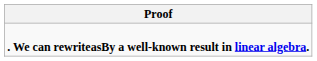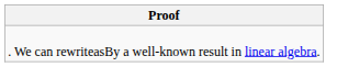 <table class="wikitable collapsible collapsed">
 <tr>
 <th>Proof</th>
 </tr>
 <tr>
-<td><strong><br>. We can rewriteasBy a well-known result in <a href='#'>linear algebra</a>.</strong></td>
+<td><br>. We can rewriteasBy a well-known result in <a href='#'>linear algebra</a>.</td>
 </tr>
 </table>
